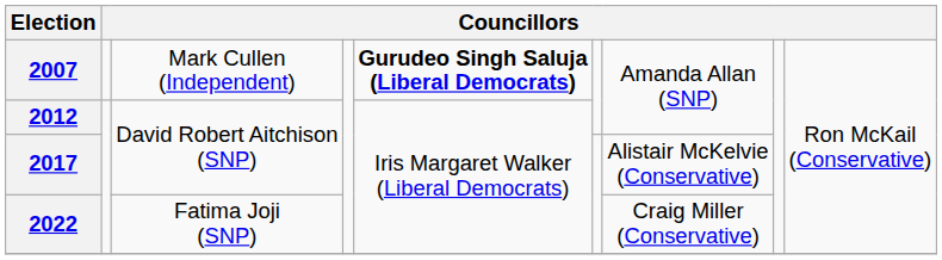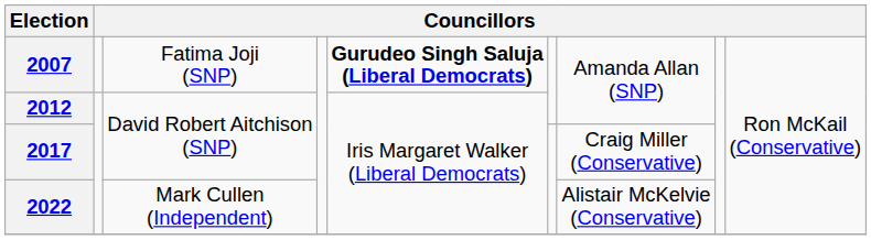 <table class="wikitable" style="text-align:center">
 <tr>
 <th>Election</th>
 <th colspan=8>Councillors</th>
 </tr>
 <tr>
 <th><a href='#'>2007</a></th>
 <td rowspan=1; style="background-color: "></td>
-<td rowspan=1>Mark Cullen<br>(<a href='#'>Independent</a>)</td>
+<td rowspan=1>Fatima Joji<br>(<a href='#'>SNP</a>)</td>
 <td rowspan=4; style="background-color: "></td>
 <td><strong>Gurudeo Singh Saluja<br>(<a href='#'>Liberal Democrats</a>)</strong></td>
 <td rowspan=2; style="background-color: "></td>
 <td rowspan=2>Amanda Allan<br>(<a href='#'>SNP</a>)</td>
 <td rowspan=4; style="background-color: "></td>
 <td rowspan=4>Ron McKail<br>(<a href='#'>Conservative</a>)</td>
 </tr>
 <tr>
 <th><a href='#'>2012</a></th>
 <td rowspan=3; style="background-color: "></td>
 <td rowspan=2>David Robert Aitchison<br>(<a href='#'>SNP</a>)</td>
 <td rowspan=3>Iris Margaret Walker<br>(<a href='#'>Liberal Democrats</a>)</td>
 </tr>
 <tr>
 <th><a href='#'>2017</a></th>
 <td rowspan=2; style="background-color: "></td>
-<td rowspan=1>Alistair McKelvie<br>(<a href='#'>Conservative</a>)</td>
+<td rowspan=1>Craig Miller<br>(<a href='#'>Conservative</a>)</td>
 </tr>
 <tr>
 <th><a href='#'>2022</a></th>
-<td rowspan=1>Fatima Joji<br>(<a href='#'>SNP</a>)</td>
-<td rowspan=1>Craig Miller<br>(<a href='#'>Conservative</a>)</td>
+<td rowspan=1>Mark Cullen<br>(<a href='#'>Independent</a>)</td>
+<td rowspan=1>Alistair McKelvie<br>(<a href='#'>Conservative</a>)</td>
 </tr>
 <tr>
 </tr>
 </table>
